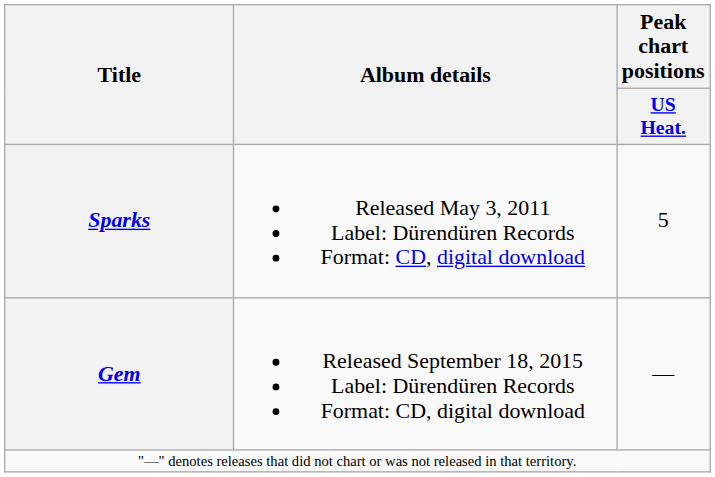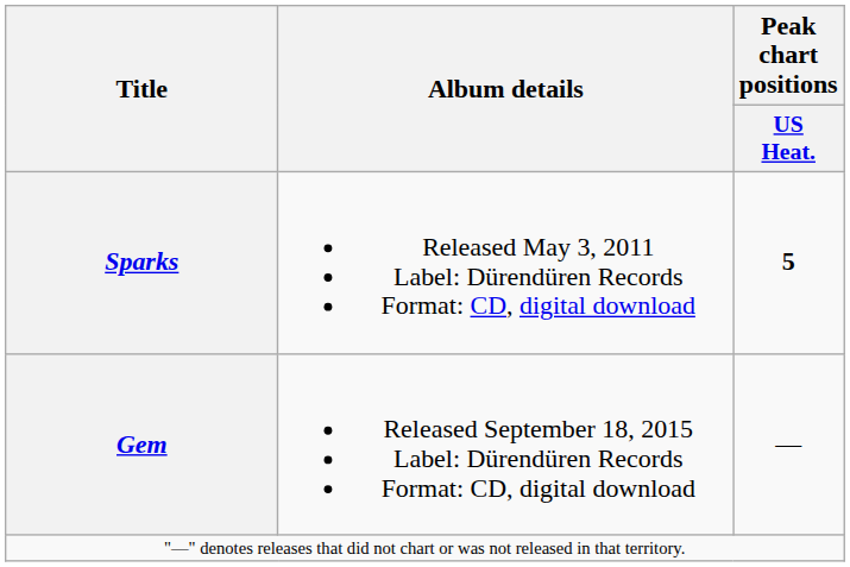 <table class="wikitable plainrowheaders" style="text-align:center;">
 <tr>
 <th scope="col" rowspan="2" style="width:10em;">Title</th>
 <th scope="col" rowspan="2" style="width:17em;">Album details</th>
 <th scope="col" colspan="1">Peak chart positions</th>
 </tr>
 <tr>
 <th scope="col" style="width:3em;font-size:90%;"><a href='#'>US<br>Heat.</a><br></th>
 </tr>
 <tr>
 <th scope="row"><em><a href='#'>Sparks</a></em></th>
 <td><br><ul><li>Released May 3, 2011</li><li>Label: Dürendüren Records</li><li>Format: <a href='#'>CD</a>, <a href='#'>digital download</a></li></ul></td>
-<td>5</td>
+<td><strong>5</strong></td>
 </tr>
 <tr>
 <th scope="row"><em><a href='#'>Gem</a></em></th>
 <td><br><ul><li>Released September 18, 2015</li><li>Label: Dürendüren Records</li><li>Format: CD, digital download</li></ul></td>
 <td>—</td>
 </tr>
 <tr>
 <td colspan="6" style="font-size:8pt">"—" denotes releases that did not chart or was not released in that territory.</td>
 </tr>
 </table>
